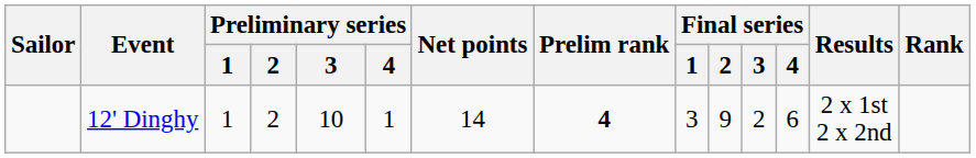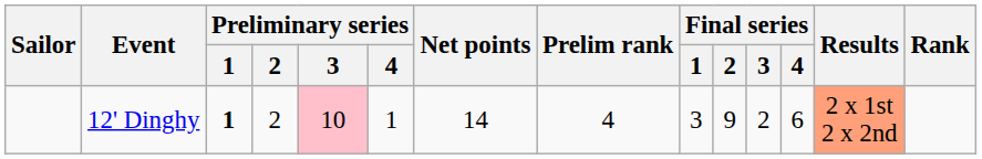 <table class="wikitable sortable" style="text-align:center">
 <tr>
 <th rowspan="2">Sailor</th>
 <th rowspan="2">Event</th>
 <th colspan=4>Preliminary series</th>
 <th rowspan=2>Net points</th>
 <th rowspan=2>Prelim rank</th>
 <th colspan=4>Final series</th>
 <th rowspan=2>Results</th>
 <th rowspan=2>Rank</th>
 </tr>
 <tr>
 <th>1</th>
 <th>2</th>
 <th>3</th>
 <th>4</th>
 <th>1</th>
 <th>2</th>
 <th>3</th>
 <th>4</th>
 </tr>
 <tr>
 <td align=left><strong></strong></td>
 <td align=left><a href='#'>12' Dinghy</a></td>
-<td>1</td>
+<td><strong>1</strong></td>
 <td>2</td>
-<td>10</td>
+<td style="background: pink;">10</td>
 <td>1</td>
 <td>14</td>
-<td><strong>4</strong></td>
+<td>4</td>
 <td>3</td>
 <td>9</td>
 <td>2</td>
 <td>6</td>
-<td>2 x 1st <br> 2 x 2nd</td>
+<td style="background: lightsalmon;">2 x 1st <br> 2 x 2nd</td>
 <td></td>
 </tr>
 </table>
